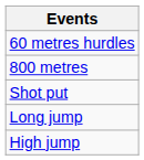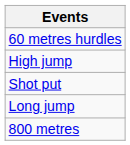 <table class="wikitable"  style="font-size:95%; float:right;">
 <tr>
 <th>Events</th>
 </tr>
 <tr>
 <td><a href='#'>60 metres hurdles</a></td>
 </tr>
 <tr>
-<td><a href='#'>800 metres</a></td>
+<td><a href='#'>High jump</a></td>
 </tr>
 <tr>
 <td><a href='#'>Shot put</a></td>
 </tr>
 <tr>
 <td><a href='#'>Long jump</a></td>
 </tr>
 <tr>
-<td><a href='#'>High jump</a></td>
+<td><a href='#'>800 metres</a></td>
 </tr>
 </table>
